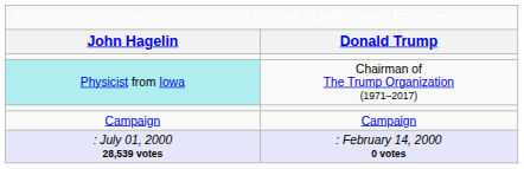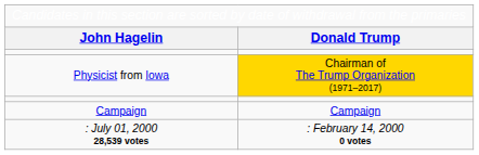 <table class="wikitable mw-collapsible mw-collapsed" style="font-size:90%;">
 <tr>
 <td colspan="9" style="text-align:center; width:700px; font-size:120%; color:white; background:"><em>Candidates in this section are sorted by date of withdrawal from the primaries</em></td>
 </tr>
 <tr style="text-align:center">
 <th scope="col" style="width:10em; font-size:120%;"><a href='#'>John Hagelin</a></th>
 <th scope="col" style="width:10em; font-size:120%;"><a href='#'>Donald Trump</a></th>
 </tr>
 <tr style="text-align:center">
 <td></td>
 <td></td>
 </tr>
 <tr style="text-align:center">
-<td style="background: paleturquoise;"><a href='#'>Physicist</a> from <a href='#'>Iowa</a></td>
-<td>Chairman of<br><a href='#'>The Trump Organization</a><br><small>(1971–2017)</small></td>
+<td><a href='#'>Physicist</a> from <a href='#'>Iowa</a></td>
+<td style="background: gold;">Chairman of<br><a href='#'>The Trump Organization</a><br><small>(1971–2017)</small></td>
 </tr>
 <tr style="text-align:center">
 <td></td>
 <td></td>
 </tr>
 <tr style="text-align:center">
 <td><a href='#'>Campaign</a></td>
 <td><a href='#'>Campaign</a></td>
 </tr>
 <tr style="text-align:center">
-<td style="background: lavender;"><em>: July 01, 2000</em><br><small><strong>28,539 votes</strong></small></td>
-<td style="background: lavender;"><em>: February 14, 2000</em><br><small><strong>0 votes</strong></small></td>
+<td><em>: July 01, 2000</em><br><small><strong>28,539 votes</strong></small></td>
+<td><em>: February 14, 2000</em><br><small><strong>0 votes</strong></small></td>
 </tr>
 </table>
